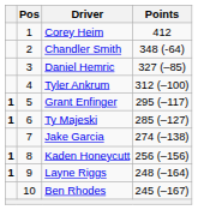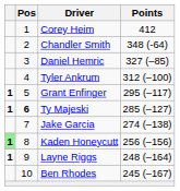 <table class="wikitable" style="font-size: 95%;">
 <tr>
 <th></th>
 <th>Pos</th>
 <th>Driver</th>
 <th>Points</th>
 </tr>
 <tr>
 <td align="left"></td>
 <td style="text-align:center;">1</td>
 <td><a href='#'>Corey Heim</a></td>
 <td style="text-align:center;">412</td>
 </tr>
 <tr>
 <td align="left"></td>
 <td style="text-align:center;">2</td>
 <td><a href='#'>Chandler Smith</a></td>
 <td style="text-align:center;">348 (-64)</td>
 </tr>
 <tr>
 <td align="left"></td>
 <td style="text-align:center;">3</td>
 <td><a href='#'>Daniel Hemric</a></td>
 <td style="text-align:center;">327 (–85)</td>
 </tr>
 <tr>
 <td align="left"></td>
 <td style="text-align:center;">4</td>
 <td><a href='#'>Tyler Ankrum</a></td>
 <td style="text-align:center;">312 (–100)</td>
 </tr>
 <tr>
 <td align="left"> <strong>1</strong></td>
 <td style="text-align:center;">5</td>
 <td><a href='#'>Grant Enfinger</a></td>
 <td style="text-align:center;">295 (–117)</td>
 </tr>
 <tr>
 <td align="left"> <strong>1</strong></td>
-<td style="text-align:center;">6</td>
+<td style="text-align:center;"><strong>6</strong></td>
 <td><a href='#'>Ty Majeski</a></td>
 <td style="text-align:center;">285 (–127)</td>
 </tr>
 <tr>
 <td align="left"></td>
 <td style="text-align:center;">7</td>
 <td><a href='#'>Jake Garcia</a></td>
 <td style="text-align:center;">274 (–138)</td>
 </tr>
 <tr>
-<td align="left"> <strong>1</strong></td>
+<td align="left" style="background: lightgreen;"> <strong>1</strong></td>
 <td style="text-align:center;">8</td>
 <td><a href='#'>Kaden Honeycutt</a></td>
 <td style="text-align:center;">256 (–156)</td>
 </tr>
 <tr>
 <td align="left"> <strong>1</strong></td>
 <td style="text-align:center;">9</td>
 <td><a href='#'>Layne Riggs</a></td>
 <td style="text-align:center;">248 (–164)</td>
 </tr>
 <tr>
 <td align="left"></td>
 <td style="text-align:center;">10</td>
 <td><a href='#'>Ben Rhodes</a></td>
 <td style="text-align:center;">245 (–167)</td>
 </tr>
 <tr class="sortbottom">
 <th colspan="9"></th>
 </tr>
 </table>
